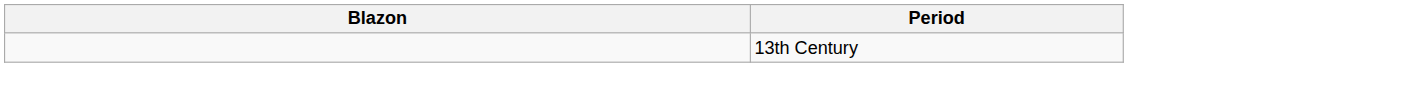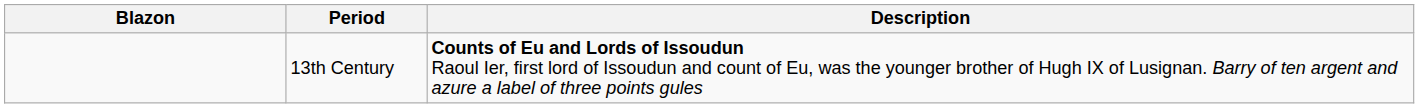 <table class="wikitable">
 <tr>
 <th style="width:20%;">Blazon</th>
 <th style="width:10%;">Period</th>
+<th style="width:70%;">Description</th>
 </tr>
 <tr>
 <td></td>
 <td>13th Century</td>
+<td><strong>Counts of Eu and Lords of Issoudun</strong><br>Raoul Ier, first lord of Issoudun and count of Eu, was the younger brother of Hugh IX of Lusignan. <em>Barry of ten argent and azure a label of three points gules</em></td>
 </tr>
 </table>
